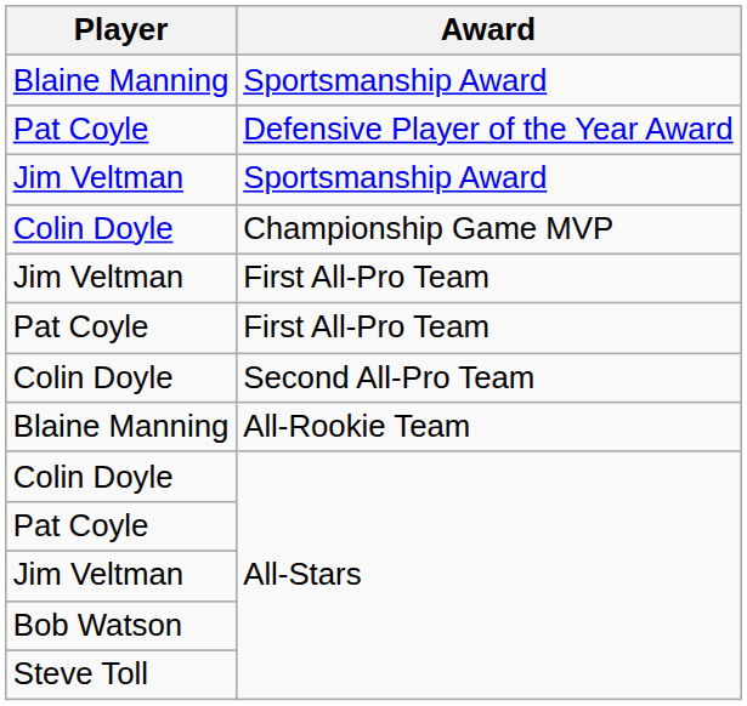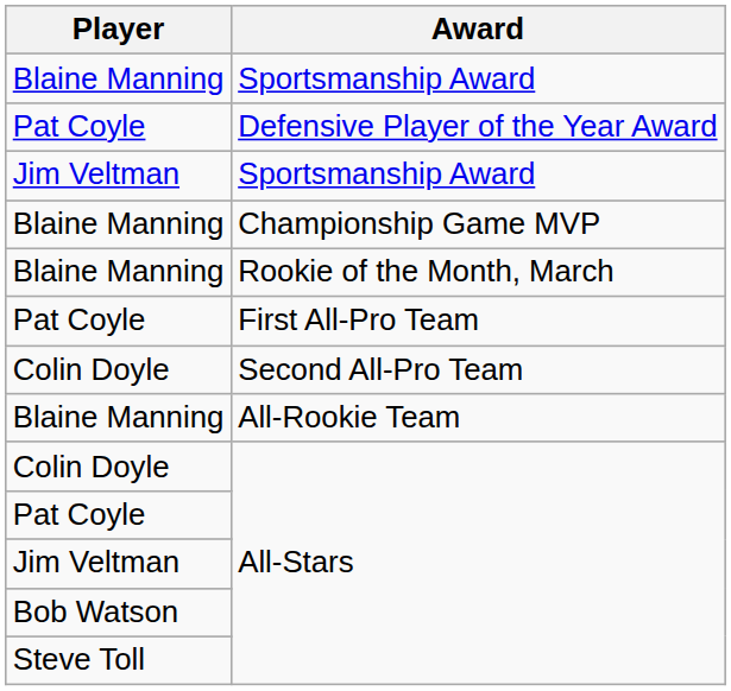 <table class="wikitable">
 <tr>
 <th>Player</th>
 <th>Award</th>
 </tr>
 <tr>
 <td><a href='#'>Blaine Manning</a></td>
 <td><a href='#'>Sportsmanship Award</a></td>
 </tr>
 <tr>
 <td><a href='#'>Pat Coyle</a></td>
 <td><a href='#'>Defensive Player of the Year Award</a></td>
 </tr>
 <tr>
 <td><a href='#'>Jim Veltman</a></td>
 <td><a href='#'>Sportsmanship Award</a></td>
 </tr>
 <tr>
-<td><a href='#'>Colin Doyle</a></td>
+<td>Blaine Manning</td>
 <td>Championship Game MVP</td>
 </tr>
 <tr>
-<td>Jim Veltman</td>
-<td>First All-Pro Team</td>
+<td>Blaine Manning</td>
+<td>Rookie of the Month, March</td>
 </tr>
 <tr>
 <td>Pat Coyle</td>
 <td>First All-Pro Team</td>
 </tr>
 <tr>
 <td>Colin Doyle</td>
 <td>Second All-Pro Team</td>
 </tr>
 <tr>
 <td>Blaine Manning</td>
 <td>All-Rookie Team</td>
 </tr>
 <tr>
 <td>Colin Doyle</td>
 <td rowspan=5>All-Stars</td>
 </tr>
 <tr>
 <td>Pat Coyle</td>
 </tr>
 <tr>
 <td>Jim Veltman</td>
 </tr>
 <tr>
 <td>Bob Watson</td>
 </tr>
 <tr>
 <td>Steve Toll</td>
 </tr>
 </table>
